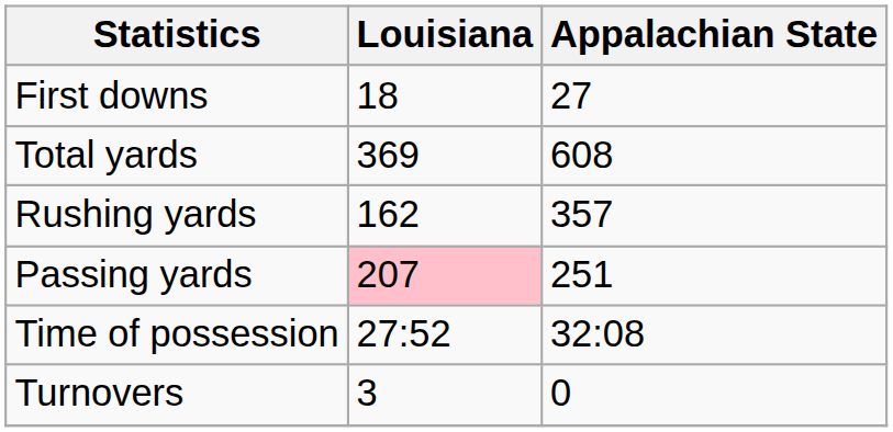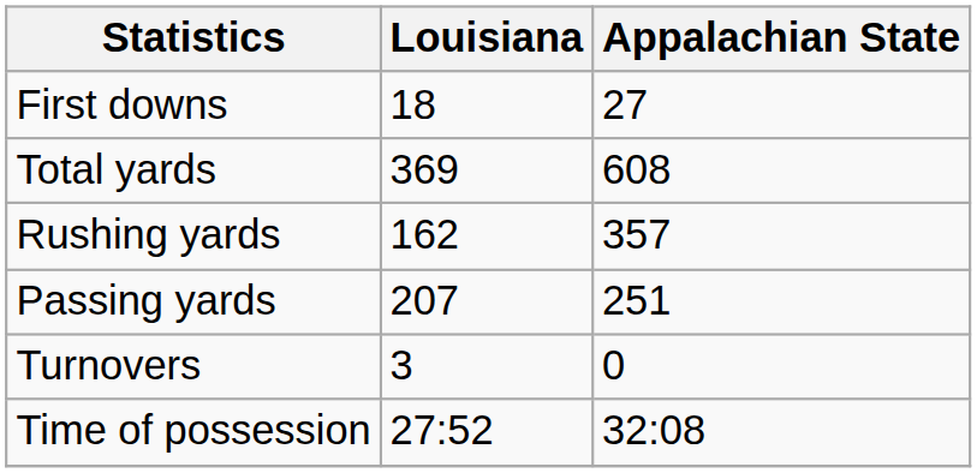 <table class="wikitable" style="float: right;">
 <tr>
 <th>Statistics</th>
 <th>Louisiana</th>
 <th>Appalachian State</th>
 </tr>
 <tr>
 <td>First downs</td>
 <td>18</td>
 <td>27</td>
 </tr>
 <tr>
 <td>Total yards</td>
 <td>369</td>
 <td>608</td>
 </tr>
 <tr>
 <td>Rushing yards</td>
 <td>162</td>
 <td>357</td>
 </tr>
 <tr>
 <td>Passing yards</td>
-<td style="background: pink;">207</td>
+<td>207</td>
 <td>251</td>
+</tr>
+<tr>
+<td>Turnovers</td>
+<td>3</td>
+<td>0</td>
 </tr>
 <tr>
 <td>Time of possession</td>
 <td>27:52</td>
 <td>32:08</td>
 </tr>
 <tr>
-<td>Turnovers</td>
-<td>3</td>
-<td>0</td>
-</tr>
-<tr>
 </tr>
 </table>
